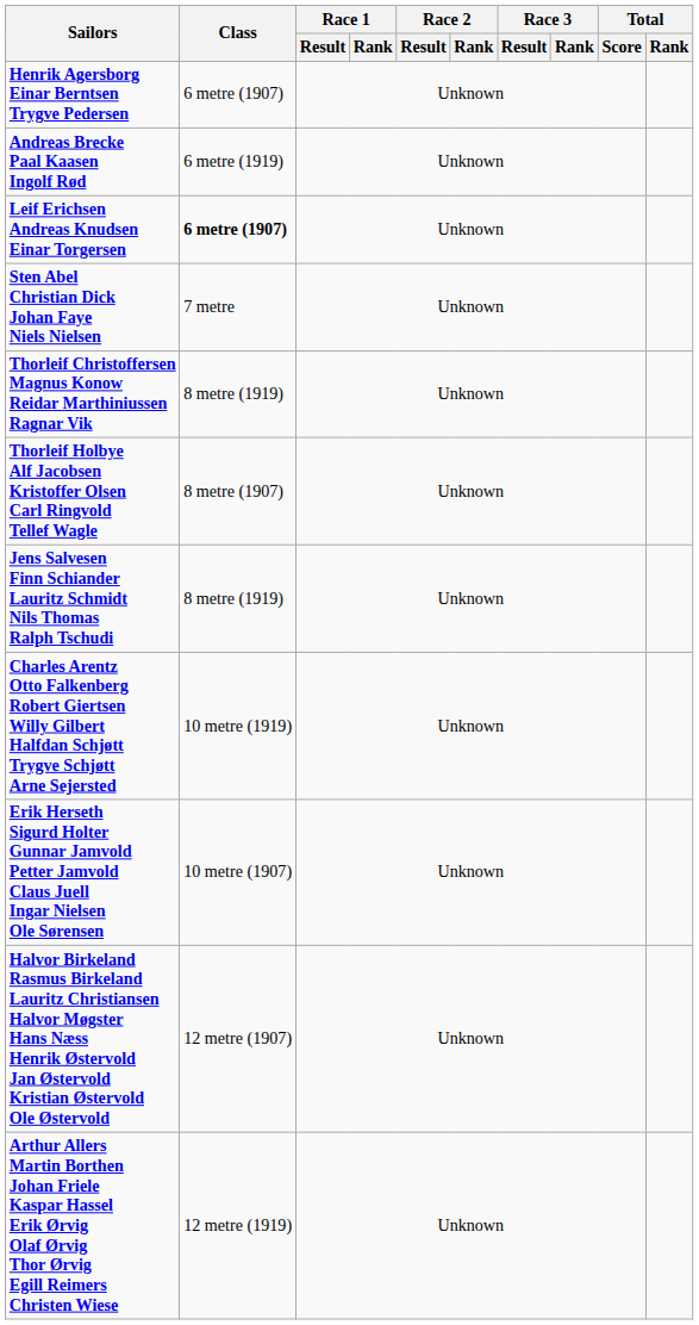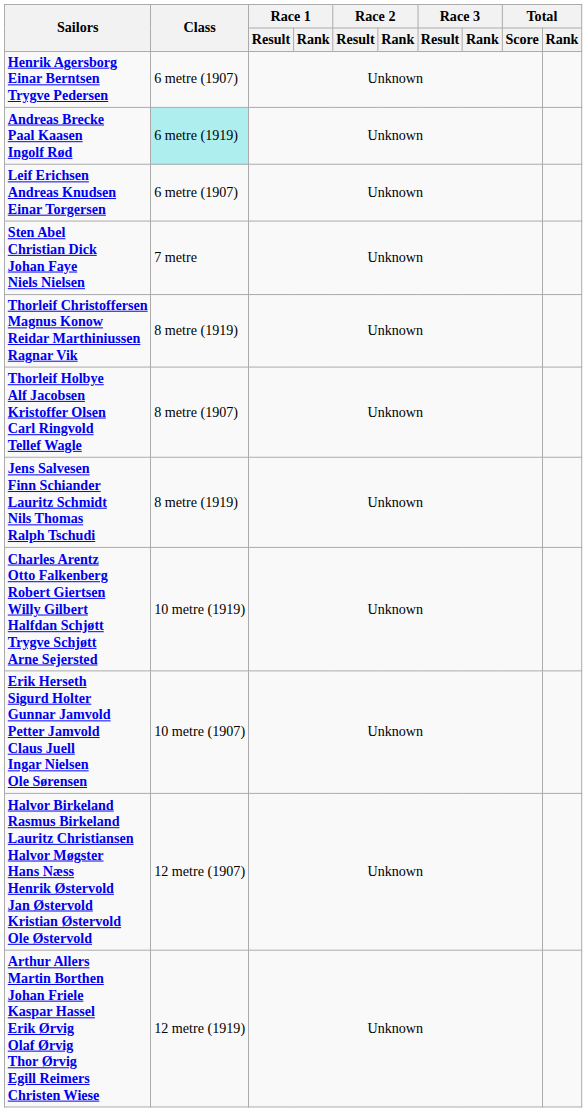 <table class=wikitable style="font-size:90%">
 <tr>
 <th rowspan=2>Sailors</th>
 <th rowspan=2>Class</th>
 <th colspan=2>Race 1</th>
 <th colspan=2>Race 2</th>
 <th colspan=2>Race 3</th>
 <th colspan=2>Total</th>
 </tr>
 <tr>
 <th>Result</th>
 <th>Rank</th>
 <th>Result</th>
 <th>Rank</th>
 <th>Result</th>
 <th>Rank</th>
 <th>Score</th>
 <th>Rank</th>
 </tr>
 <tr>
 <td><strong><a href='#'>Henrik Agersborg</a> <br> <a href='#'>Einar Berntsen</a> <br> <a href='#'>Trygve Pedersen</a></strong></td>
 <td>6 metre (1907)</td>
 <td align=center colspan=7>Unknown</td>
 <td align=center></td>
 </tr>
 <tr>
 <td><strong><a href='#'>Andreas Brecke</a> <br> <a href='#'>Paal Kaasen</a> <br> <a href='#'>Ingolf Rød</a></strong></td>
-<td>6 metre (1919)</td>
+<td style="background: paleturquoise;">6 metre (1919)</td>
 <td align=center colspan=7>Unknown</td>
 <td align=center></td>
 </tr>
 <tr>
 <td><strong><a href='#'>Leif Erichsen</a> <br> <a href='#'>Andreas Knudsen</a> <br> <a href='#'>Einar Torgersen</a></strong></td>
-<td><strong>6 metre (1907)</strong></td>
+<td>6 metre (1907)</td>
 <td align=center colspan=7>Unknown</td>
 <td align=center></td>
 </tr>
 <tr>
 <td><strong><a href='#'>Sten Abel</a> <br> <a href='#'>Christian Dick</a> <br> <a href='#'>Johan Faye</a> <br> <a href='#'>Niels Nielsen</a></strong></td>
 <td>7 metre</td>
 <td align=center colspan=7>Unknown</td>
 <td align=center></td>
 </tr>
 <tr>
 <td><strong><a href='#'>Thorleif Christoffersen</a> <br> <a href='#'>Magnus Konow</a> <br> <a href='#'>Reidar Marthiniussen</a> <br> <a href='#'>Ragnar Vik</a></strong></td>
 <td>8 metre (1919)</td>
 <td align=center colspan=7>Unknown</td>
 <td align=center></td>
 </tr>
 <tr>
 <td><strong><a href='#'>Thorleif Holbye</a> <br> <a href='#'>Alf Jacobsen</a> <br> <a href='#'>Kristoffer Olsen</a> <br> <a href='#'>Carl Ringvold</a> <br> <a href='#'>Tellef Wagle</a></strong></td>
 <td>8 metre (1907)</td>
 <td align=center colspan=7>Unknown</td>
 <td align=center></td>
 </tr>
 <tr>
 <td><strong><a href='#'>Jens Salvesen</a> <br> <a href='#'>Finn Schiander</a> <br> <a href='#'>Lauritz Schmidt</a> <br> <a href='#'>Nils Thomas</a> <br> <a href='#'>Ralph Tschudi</a></strong></td>
 <td>8 metre (1919)</td>
 <td align=center colspan=7>Unknown</td>
 <td align=center></td>
 </tr>
 <tr>
 <td><strong><a href='#'>Charles Arentz</a> <br> <a href='#'>Otto Falkenberg</a> <br> <a href='#'>Robert Giertsen</a> <br> <a href='#'>Willy Gilbert</a> <br> <a href='#'>Halfdan Schjøtt</a> <br> <a href='#'>Trygve Schjøtt</a> <br> <a href='#'>Arne Sejersted</a></strong></td>
 <td>10 metre (1919)</td>
 <td align=center colspan=7>Unknown</td>
 <td align=center></td>
 </tr>
 <tr>
 <td><strong><a href='#'>Erik Herseth</a> <br> <a href='#'>Sigurd Holter</a> <br> <a href='#'>Gunnar Jamvold</a> <br> <a href='#'>Petter Jamvold</a> <br> <a href='#'>Claus Juell</a> <br> <a href='#'>Ingar Nielsen</a> <br> <a href='#'>Ole Sørensen</a></strong></td>
 <td>10 metre (1907)</td>
 <td align=center colspan=7>Unknown</td>
 <td align=center></td>
 </tr>
 <tr>
 <td><strong><a href='#'>Halvor Birkeland</a> <br> <a href='#'>Rasmus Birkeland</a> <br> <a href='#'>Lauritz Christiansen</a> <br> <a href='#'>Halvor Møgster</a> <br> <a href='#'>Hans Næss</a> <br> <a href='#'>Henrik Østervold</a> <br> <a href='#'>Jan Østervold</a> <br> <a href='#'>Kristian Østervold</a> <br> <a href='#'>Ole Østervold</a></strong></td>
 <td>12 metre (1907)</td>
 <td align=center colspan=7>Unknown</td>
 <td align=center></td>
 </tr>
 <tr>
 <td><strong><a href='#'>Arthur Allers</a> <br> <a href='#'>Martin Borthen</a> <br> <a href='#'>Johan Friele</a> <br> <a href='#'>Kaspar Hassel</a> <br> <a href='#'>Erik Ørvig</a> <br> <a href='#'>Olaf Ørvig</a> <br> <a href='#'>Thor Ørvig</a> <br> <a href='#'>Egill Reimers</a> <br> <a href='#'>Christen Wiese</a></strong></td>
 <td>12 metre (1919)</td>
 <td align=center colspan=7>Unknown</td>
 <td align=center></td>
 </tr>
 </table>
